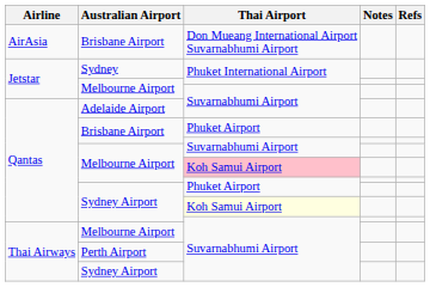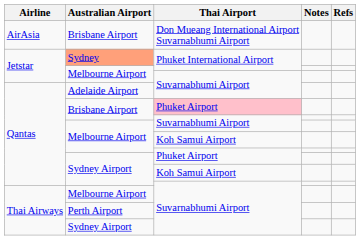 <table class="wikitable sortable">
 <tr>
 <th>Airline</th>
 <th>Australian Airport</th>
 <th>Thai Airport</th>
 <th>Notes</th>
 <th class="unsortable">Refs</th>
 </tr>
 <tr>
 <td><a href='#'>AirAsia</a></td>
 <td><a href='#'>Brisbane Airport</a></td>
 <td><a href='#'>Don Mueang International Airport</a><br><a href='#'>Suvarnabhumi Airport</a></td>
 <td></td>
 <td></td>
 </tr>
 <tr>
 <td rowspan="3"><a href='#'>Jetstar</a></td>
-<td><a href='#'>Sydney</a></td>
+<td style="background: lightsalmon;"><a href='#'>Sydney</a></td>
 <td rowspan="2"><a href='#'>Phuket International Airport</a></td>
 <td></td>
 <td></td>
 </tr>
 <tr>
 <td rowspan="2"><a href='#'>Melbourne Airport</a></td>
 <td></td>
 <td></td>
 </tr>
 <tr>
 <td rowspan="2"><a href='#'>Suvarnabhumi Airport</a></td>
 <td></td>
 <td></td>
 </tr>
 <tr>
 <td rowspan="9"><a href='#'>Qantas</a></td>
 <td><a href='#'>Adelaide Airport</a></td>
 <td></td>
 <td></td>
 </tr>
 <tr>
 <td rowspan="2"><a href='#'>Brisbane Airport</a></td>
-<td><a href='#'>Phuket Airport</a></td>
+<td style="background: pink;"><a href='#'>Phuket Airport</a></td>
 <td></td>
 <td></td>
 </tr>
 <tr>
 <td rowspan="2"><a href='#'>Suvarnabhumi Airport</a></td>
 <td></td>
 <td></td>
 </tr>
 <tr>
 <td rowspan="3"><a href='#'>Melbourne Airport</a></td>
 <td></td>
 <td></td>
 </tr>
 <tr>
-<td style="background: pink;"><a href='#'>Koh Samui Airport</a></td>
+<td><a href='#'>Koh Samui Airport</a></td>
 <td></td>
 <td></td>
 </tr>
 <tr>
 <td rowspan="2"><a href='#'>Phuket Airport</a></td>
 <td></td>
 <td></td>
 </tr>
 <tr>
 <td rowspan="3"><a href='#'>Sydney Airport</a></td>
 <td></td>
 <td></td>
 </tr>
 <tr>
-<td style="background: lightyellow;"><a href='#'>Koh Samui Airport</a></td>
+<td><a href='#'>Koh Samui Airport</a></td>
 <td></td>
 <td></td>
 </tr>
 <tr>
 <td rowspan="4"><a href='#'>Suvarnabhumi Airport</a></td>
 <td></td>
 <td></td>
 </tr>
 <tr>
 <td rowspan="3"><a href='#'>Thai Airways</a></td>
 <td><a href='#'>Melbourne Airport</a></td>
 <td align="center"></td>
 <td></td>
 </tr>
 <tr>
 <td><a href='#'>Perth Airport</a></td>
 <td></td>
 <td></td>
 </tr>
 <tr>
 <td><a href='#'>Sydney Airport</a></td>
 <td></td>
 <td></td>
 </tr>
 </table>
